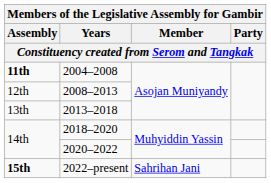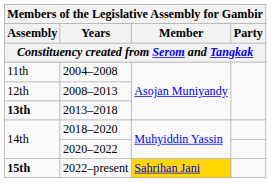 <table class=wikitable>
 <tr>
 <th colspan=4>Members of the Legislative Assembly for Gambir</th>
 </tr>
 <tr>
 <th>Assembly</th>
 <th>Years</th>
 <th>Member</th>
 <th>Party</th>
 </tr>
 <tr>
 <th colspan=4 align=center><em>Constituency created from <a href='#'>Serom</a> and <a href='#'>Tangkak</a></em></th>
 </tr>
 <tr>
-<td><strong>11th</strong></td>
+<td>11th</td>
 <td>2004–2008</td>
 <td rowspan="3"><a href='#'>Asojan Muniyandy</a></td>
 <td rowspan="3"></td>
 </tr>
 <tr>
 <td>12th</td>
 <td>2008–2013</td>
 </tr>
 <tr>
-<td>13th</td>
+<td><strong>13th</strong></td>
 <td>2013–2018</td>
 </tr>
 <tr>
 <td rowspan="2">14th</td>
 <td>2018–2020</td>
 <td rowspan="2"><a href='#'>Muhyiddin Yassin</a></td>
 <td></td>
 </tr>
 <tr>
 <td>2020–2022</td>
 <td></td>
 </tr>
 <tr>
 <td><strong>15th</strong></td>
 <td>2022–present</td>
-<td><a href='#'> Sahrihan Jani</a></td>
+<td style="background: gold;"><a href='#'> Sahrihan Jani</a></td>
 <td></td>
 </tr>
 </table>
